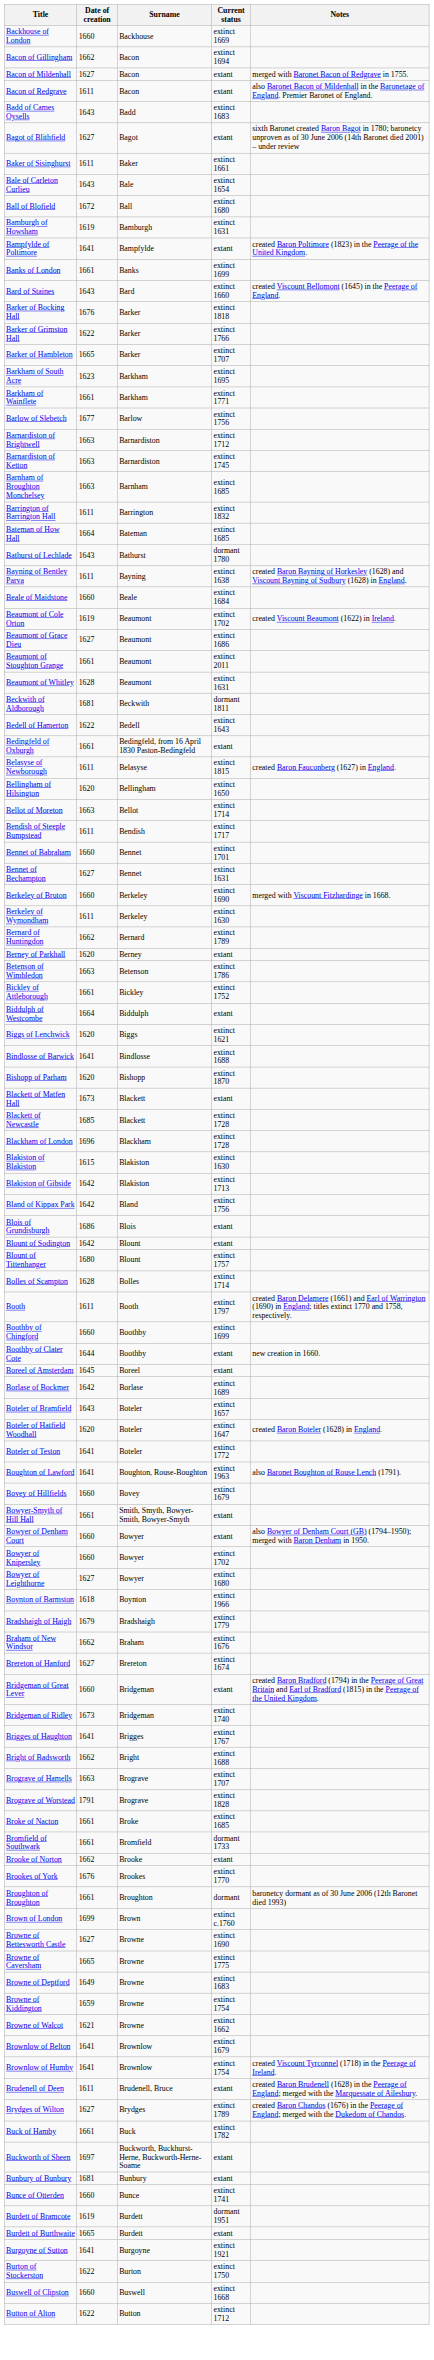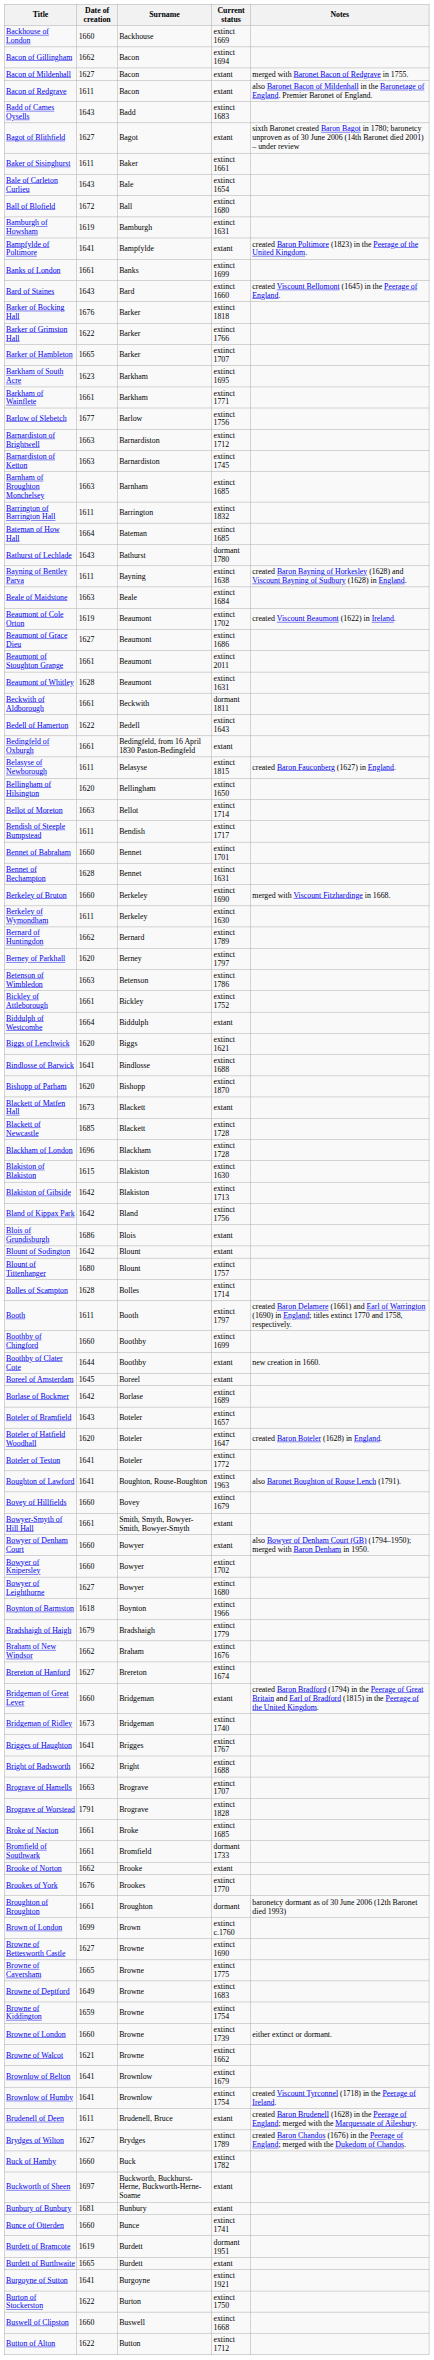 <table class="wikitable">
 <tr>
 <th>Title</th>
 <th>Date of creation</th>
 <th>Surname</th>
 <th>Current status</th>
 <th>Notes</th>
 </tr>
 <tr>
 <td><a href='#'>Backhouse of London</a></td>
 <td>1660</td>
 <td>Backhouse</td>
 <td>extinct 1669</td>
 <td> </td>
 </tr>
 <tr>
 <td><a href='#'>Bacon of Gillingham</a></td>
 <td>1662</td>
 <td>Bacon</td>
 <td>extinct 1694</td>
 <td> </td>
 </tr>
 <tr>
 <td><a href='#'>Bacon of Mildenhall</a></td>
 <td>1627</td>
 <td>Bacon</td>
 <td>extant</td>
 <td>merged with <a href='#'>Baronet Bacon of Redgrave</a> in 1755.</td>
 </tr>
 <tr>
 <td><a href='#'>Bacon of Redgrave</a></td>
 <td>1611</td>
 <td>Bacon</td>
 <td>extant</td>
 <td>also <a href='#'>Baronet Bacon of Mildenhall</a> in the <a href='#'>Baronetage of England</a>.  Premier Baronet of England.</td>
 </tr>
 <tr>
 <td><a href='#'>Badd of Cames Oysells</a></td>
 <td>1643</td>
 <td>Badd</td>
 <td>extinct 1683</td>
 <td> </td>
 </tr>
 <tr>
 <td><a href='#'>Bagot of Blithfield</a></td>
 <td>1627</td>
 <td>Bagot</td>
 <td>extant</td>
 <td>sixth Baronet created <a href='#'>Baron Bagot</a> in 1780; baronetcy unproven as of 30 June 2006 (14th Baronet died 2001) – under review</td>
 </tr>
 <tr>
 <td><a href='#'>Baker of Sisinghurst</a></td>
 <td>1611</td>
 <td>Baker</td>
 <td>extinct 1661</td>
 <td> </td>
 </tr>
 <tr>
 <td><a href='#'>Bale of Carleton Curlieu</a></td>
 <td>1643</td>
 <td>Bale</td>
 <td>extinct 1654</td>
 <td> </td>
 </tr>
 <tr>
 <td><a href='#'>Ball of Blofield</a></td>
 <td>1672</td>
 <td>Ball</td>
 <td>extinct 1680</td>
 <td> </td>
 </tr>
 <tr>
 <td><a href='#'>Bamburgh of Howsham</a></td>
 <td>1619</td>
 <td>Bamburgh</td>
 <td>extinct 1631</td>
 <td> </td>
 </tr>
 <tr>
 <td><a href='#'>Bampfylde of Poltimore</a></td>
 <td>1641</td>
 <td>Bampfylde</td>
 <td>extant</td>
 <td>created <a href='#'>Baron Poltimore</a> (1823) in the <a href='#'>Peerage of the United Kingdom</a>.</td>
 </tr>
 <tr>
 <td><a href='#'>Banks of London</a></td>
 <td>1661</td>
 <td>Banks</td>
 <td>extinct 1699</td>
 <td> </td>
 </tr>
 <tr>
 <td><a href='#'>Bard of Staines</a></td>
 <td>1643</td>
 <td>Bard</td>
 <td>extinct 1660</td>
 <td>created <a href='#'>Viscount Bellomont</a> (1645) in the <a href='#'>Peerage of England</a>.</td>
 </tr>
 <tr>
 <td><a href='#'>Barker of Bocking Hall</a></td>
 <td>1676</td>
 <td>Barker</td>
 <td>extinct 1818</td>
 <td> </td>
 </tr>
 <tr>
 <td><a href='#'>Barker of Grimston Hall</a></td>
 <td>1622</td>
 <td>Barker</td>
 <td>extinct 1766</td>
 <td> </td>
 </tr>
 <tr>
 <td><a href='#'>Barker of Hambleton</a></td>
 <td>1665</td>
 <td>Barker</td>
 <td>extinct 1707</td>
 <td> </td>
 </tr>
 <tr>
 <td><a href='#'>Barkham of South Acre</a></td>
 <td>1623</td>
 <td>Barkham</td>
 <td>extinct 1695</td>
 <td> </td>
 </tr>
 <tr>
 <td><a href='#'>Barkham of Wainflete</a></td>
 <td>1661</td>
 <td>Barkham</td>
 <td>extinct 1771</td>
 <td> </td>
 </tr>
 <tr>
 <td><a href='#'>Barlow of Slebetch</a></td>
 <td>1677</td>
 <td>Barlow</td>
 <td>extinct 1756</td>
 <td> </td>
 </tr>
 <tr>
 <td><a href='#'>Barnardiston of Brightwell</a></td>
 <td>1663</td>
 <td>Barnardiston</td>
 <td>extinct 1712</td>
 <td> </td>
 </tr>
 <tr>
 <td><a href='#'>Barnardiston of Ketton</a></td>
 <td>1663</td>
 <td>Barnardiston</td>
 <td>extinct 1745</td>
 <td> </td>
 </tr>
 <tr>
 <td><a href='#'>Barnham of Broughton Monchelsey</a></td>
 <td>1663</td>
 <td>Barnham</td>
 <td>extinct 1685</td>
 <td> </td>
 </tr>
 <tr>
 <td><a href='#'>Barrington of Barrington Hall</a></td>
 <td>1611</td>
 <td>Barrington</td>
 <td>extinct 1832</td>
 <td> </td>
 </tr>
 <tr>
 <td><a href='#'>Bateman of How Hall</a></td>
 <td>1664</td>
 <td>Bateman</td>
 <td>extinct 1685</td>
 <td> </td>
 </tr>
 <tr>
 <td><a href='#'>Bathurst of Lechlade</a></td>
 <td>1643</td>
 <td>Bathurst</td>
 <td>dormant 1780</td>
 <td> </td>
 </tr>
 <tr>
 <td><a href='#'>Bayning of Bentley Parva</a></td>
 <td>1611</td>
 <td>Bayning</td>
 <td>extinct 1638</td>
 <td>created <a href='#'>Baron Bayning of Horkesley</a> (1628) and <a href='#'>Viscount Bayning of Sudbury</a> (1628) in <a href='#'>England</a>.</td>
 </tr>
 <tr>
 <td><a href='#'>Beale of Maidstone</a></td>
-<td>1660</td>
+<td>1663</td>
 <td>Beale</td>
 <td>extinct 1684</td>
 <td> </td>
 </tr>
 <tr>
 <td><a href='#'>Beaumont of Cole Orton</a></td>
 <td>1619</td>
 <td>Beaumont</td>
 <td>extinct 1702</td>
 <td>created <a href='#'>Viscount Beaumont</a> (1622) in <a href='#'>Ireland</a>.</td>
 </tr>
 <tr>
 <td><a href='#'>Beaumont of Grace Dieu</a></td>
 <td>1627</td>
 <td>Beaumont</td>
 <td>extinct 1686</td>
 <td> </td>
 </tr>
 <tr>
 <td><a href='#'>Beaumont of Stoughton Grange</a></td>
 <td>1661</td>
 <td>Beaumont</td>
 <td>extinct 2011</td>
 <td> </td>
 </tr>
 <tr>
 <td><a href='#'>Beaumont of Whitley</a></td>
 <td>1628</td>
 <td>Beaumont</td>
 <td>extinct 1631</td>
 <td> </td>
 </tr>
 <tr>
 <td><a href='#'>Beckwith of Aldborough</a></td>
-<td>1681</td>
+<td>1661</td>
 <td>Beckwith</td>
 <td>dormant 1811</td>
 <td> </td>
 </tr>
 <tr>
 <td><a href='#'>Bedell of Hamerton</a></td>
 <td>1622</td>
 <td>Bedell</td>
 <td>extinct 1643</td>
 <td> </td>
 </tr>
 <tr>
 <td><a href='#'>Bedingfeld of Oxburgh</a></td>
 <td>1661</td>
 <td>Bedingfeld, from 16 April 1830 Paston-Bedingfeld</td>
 <td>extant</td>
 <td> </td>
 </tr>
 <tr>
 <td><a href='#'>Belasyse of Newborough</a></td>
 <td>1611</td>
 <td>Belasyse</td>
 <td>extinct 1815</td>
 <td>created <a href='#'>Baron Fauconberg</a> (1627) in <a href='#'>England</a>.</td>
 </tr>
 <tr>
 <td><a href='#'>Bellingham of Hilsington</a></td>
 <td>1620</td>
 <td>Bellingham</td>
 <td>extinct 1650</td>
 <td> </td>
 </tr>
 <tr>
 <td><a href='#'>Bellot of Moreton</a></td>
 <td>1663</td>
 <td>Bellot</td>
 <td>extinct 1714</td>
 <td> </td>
 </tr>
 <tr>
 <td><a href='#'>Bendish of Steeple Bumpstead</a></td>
 <td>1611</td>
 <td>Bendish</td>
 <td>extinct 1717</td>
 <td> </td>
 </tr>
 <tr>
 <td><a href='#'>Bennet of Babraham</a></td>
 <td>1660</td>
 <td>Bennet</td>
 <td>extinct 1701</td>
 <td> </td>
 </tr>
 <tr>
 <td><a href='#'>Bennet of Bechampton</a></td>
-<td>1627</td>
+<td>1628</td>
 <td>Bennet</td>
 <td>extinct 1631</td>
 <td> </td>
 </tr>
 <tr>
 <td><a href='#'>Berkeley of Bruton</a></td>
 <td>1660</td>
 <td>Berkeley</td>
 <td>extinct 1690</td>
 <td>merged with <a href='#'>Viscount Fitzhardinge</a> in 1668.</td>
 </tr>
 <tr>
 <td><a href='#'>Berkeley of Wymondham</a></td>
 <td>1611</td>
 <td>Berkeley</td>
 <td>extinct 1630</td>
 <td> </td>
 </tr>
 <tr>
 <td><a href='#'>Bernard of Huntingdon</a></td>
 <td>1662</td>
 <td>Bernard</td>
 <td>extinct 1789</td>
 <td> </td>
 </tr>
 <tr>
 <td><a href='#'>Berney of Parkhall</a></td>
 <td>1620</td>
 <td>Berney</td>
-<td>extant</td>
+<td>extinct 1797</td>
 <td> </td>
 </tr>
 <tr>
 <td><a href='#'>Betenson of Wimbledon</a></td>
 <td>1663</td>
 <td>Betenson</td>
 <td>extinct 1786</td>
 <td> </td>
 </tr>
 <tr>
 <td><a href='#'>Bickley of Attleborough</a></td>
 <td>1661</td>
 <td>Bickley</td>
 <td>extinct 1752</td>
 <td> </td>
 </tr>
 <tr>
 <td><a href='#'>Biddulph of Westcombe</a></td>
 <td>1664</td>
 <td>Biddulph</td>
 <td>extant</td>
 <td> </td>
 </tr>
 <tr>
 <td><a href='#'>Biggs of Lenchwick</a></td>
 <td>1620</td>
 <td>Biggs</td>
 <td>extinct 1621</td>
 <td> </td>
 </tr>
 <tr>
 <td><a href='#'>Bindlosse of Barwick</a></td>
 <td>1641</td>
 <td>Bindlosse</td>
 <td>extinct 1688</td>
 <td> </td>
 </tr>
 <tr>
 <td><a href='#'>Bishopp of Parham</a></td>
 <td>1620</td>
 <td>Bishopp</td>
 <td>extinct 1870</td>
 <td> </td>
 </tr>
 <tr>
 <td><a href='#'>Blackett of Matfen Hall</a></td>
 <td>1673</td>
 <td>Blackett</td>
 <td>extant</td>
 <td> </td>
 </tr>
 <tr>
 <td><a href='#'>Blackett of Newcastle</a></td>
 <td>1685</td>
 <td>Blackett</td>
 <td>extinct 1728</td>
 <td> </td>
 </tr>
 <tr>
 <td><a href='#'>Blackham of London</a></td>
 <td>1696</td>
 <td>Blackham</td>
 <td>extinct 1728</td>
 <td> </td>
 </tr>
 <tr>
 <td><a href='#'>Blakiston of Blakiston</a></td>
 <td>1615</td>
 <td>Blakiston</td>
 <td>extinct 1630</td>
 <td> </td>
 </tr>
 <tr>
 <td><a href='#'>Blakiston of Gibside</a></td>
 <td>1642</td>
 <td>Blakiston</td>
 <td>extinct 1713</td>
 <td> </td>
 </tr>
 <tr>
 <td><a href='#'>Bland of Kippax Park</a></td>
 <td>1642</td>
 <td>Bland</td>
 <td>extinct 1756</td>
 <td> </td>
 </tr>
 <tr>
 <td><a href='#'>Blois of Grundisburgh</a></td>
 <td>1686</td>
 <td>Blois</td>
 <td>extant</td>
 <td> </td>
 </tr>
 <tr>
 <td><a href='#'>Blount of Sodington</a></td>
 <td>1642</td>
 <td>Blount</td>
 <td>extant</td>
 <td> </td>
 </tr>
 <tr>
 <td><a href='#'>Blount of Tittenhanger</a></td>
 <td>1680</td>
 <td>Blount</td>
 <td>extinct 1757</td>
 <td> </td>
 </tr>
 <tr>
 <td><a href='#'>Bolles of Scampton</a></td>
 <td>1628</td>
 <td>Bolles</td>
 <td>extinct 1714</td>
 <td> </td>
 </tr>
 <tr>
 <td><a href='#'>Booth</a></td>
 <td>1611</td>
 <td>Booth</td>
 <td>extinct 1797</td>
 <td>created <a href='#'>Baron Delamere</a> (1661) and <a href='#'>Earl of Warrington</a> (1690) in <a href='#'>England</a>; titles extinct 1770 and 1758, respectively.</td>
 </tr>
 <tr>
 <td><a href='#'>Boothby of Chingford</a></td>
 <td>1660</td>
 <td>Boothby</td>
 <td>extinct 1699</td>
 <td> </td>
 </tr>
 <tr>
 <td><a href='#'>Boothby of Clater Cote</a></td>
 <td>1644</td>
 <td>Boothby</td>
 <td>extant</td>
 <td>new creation in 1660.</td>
 </tr>
 <tr>
 <td><a href='#'>Boreel of Amsterdam</a></td>
 <td>1645</td>
 <td>Boreel</td>
 <td>extant</td>
 <td> </td>
 </tr>
 <tr>
 <td><a href='#'>Borlase of Bockmer</a></td>
 <td>1642</td>
 <td>Borlase</td>
 <td>extinct 1689</td>
 <td> </td>
 </tr>
 <tr>
 <td><a href='#'>Boteler of Bramfield</a></td>
 <td>1643</td>
 <td>Boteler</td>
 <td>extinct 1657</td>
 <td> </td>
 </tr>
 <tr>
 <td><a href='#'>Boteler of Hatfield Woodhall</a></td>
 <td>1620</td>
 <td>Boteler</td>
 <td>extinct 1647</td>
 <td>created <a href='#'>Baron Boteler</a> (1628) in <a href='#'>England</a>.</td>
 </tr>
 <tr>
 <td><a href='#'>Boteler of Teston</a></td>
 <td>1641</td>
 <td>Boteler</td>
 <td>extinct 1772</td>
 <td> </td>
 </tr>
 <tr>
 <td><a href='#'>Boughton of Lawford</a></td>
 <td>1641</td>
 <td>Boughton, Rouse-Boughton</td>
 <td>extinct 1963</td>
 <td>also <a href='#'>Baronet Boughton of Rouse Lench</a> (1791).</td>
 </tr>
 <tr>
 <td><a href='#'>Bovey of Hillfields</a></td>
 <td>1660</td>
 <td>Bovey</td>
 <td>extinct 1679</td>
 <td> </td>
 </tr>
 <tr>
 <td><a href='#'>Bowyer-Smyth of Hill Hall</a></td>
 <td>1661</td>
 <td>Smith, Smyth, Bowyer-Smith, Bowyer-Smyth</td>
 <td>extant</td>
 <td> </td>
 </tr>
 <tr>
 <td><a href='#'>Bowyer of Denham Court</a></td>
 <td>1660</td>
 <td>Bowyer</td>
 <td>extant</td>
 <td>also <a href='#'>Bowyer of Denham Court (GB)</a> (1794–1950); merged with <a href='#'>Baron Denham</a> in 1950.</td>
 </tr>
 <tr>
 <td><a href='#'>Bowyer of Knipersley</a></td>
 <td>1660</td>
 <td>Bowyer</td>
 <td>extinct 1702</td>
 <td> </td>
 </tr>
 <tr>
 <td><a href='#'>Bowyer of Leighthorne</a></td>
 <td>1627</td>
 <td>Bowyer</td>
 <td>extinct 1680</td>
 <td> </td>
 </tr>
 <tr>
 <td><a href='#'>Boynton of Barmston</a></td>
 <td>1618</td>
 <td>Boynton</td>
 <td>extinct 1966</td>
 <td> </td>
 </tr>
 <tr>
 <td><a href='#'>Bradshaigh of Haigh</a></td>
 <td>1679</td>
 <td>Bradshaigh</td>
 <td>extinct 1779</td>
 <td> </td>
 </tr>
 <tr>
 <td><a href='#'>Braham of New Windsor</a></td>
 <td>1662</td>
 <td>Braham</td>
 <td>extinct 1676</td>
 <td> </td>
 </tr>
 <tr>
 <td><a href='#'>Brereton of Hanford</a></td>
 <td>1627</td>
 <td>Brereton</td>
 <td>extinct 1674</td>
 <td> </td>
 </tr>
 <tr>
 <td><a href='#'>Bridgeman of Great Lever</a></td>
 <td>1660</td>
 <td>Bridgeman</td>
 <td>extant</td>
 <td>created <a href='#'>Baron Bradford</a> (1794) in the <a href='#'>Peerage of Great Britain</a> and <a href='#'>Earl of Bradford</a> (1815) in the <a href='#'>Peerage of the United Kingdom</a>.</td>
 </tr>
 <tr>
 <td><a href='#'>Bridgeman of Ridley</a></td>
 <td>1673</td>
 <td>Bridgeman</td>
 <td>extinct 1740</td>
 <td> </td>
 </tr>
 <tr>
 <td><a href='#'>Brigges of Haughton</a></td>
 <td>1641</td>
 <td>Brigges</td>
 <td>extinct 1767</td>
 <td> </td>
 </tr>
 <tr>
 <td><a href='#'>Bright of Badsworth</a></td>
 <td>1662</td>
 <td>Bright</td>
 <td>extinct 1688</td>
 <td> </td>
 </tr>
 <tr>
 <td><a href='#'>Brograve of Hamells</a></td>
 <td>1663</td>
 <td>Brograve</td>
 <td>extinct 1707</td>
 <td> </td>
 </tr>
 <tr>
 <td><a href='#'>Brograve of Worstead</a></td>
 <td>1791</td>
 <td>Brograve</td>
 <td>extinct 1828</td>
 <td> </td>
 </tr>
 <tr>
 <td><a href='#'>Broke of Nacton</a></td>
 <td>1661</td>
 <td>Broke</td>
 <td>extinct 1685</td>
 <td> </td>
 </tr>
 <tr>
 <td><a href='#'>Bromfield of Southwark</a></td>
 <td>1661</td>
 <td>Bromfield</td>
 <td>dormant 1733</td>
 <td> </td>
 </tr>
 <tr>
 <td><a href='#'>Brooke of Norton</a></td>
 <td>1662</td>
 <td>Brooke</td>
 <td>extant</td>
 <td> </td>
 </tr>
 <tr>
 <td><a href='#'>Brookes of York</a></td>
 <td>1676</td>
 <td>Brookes</td>
 <td>extinct 1770</td>
 <td> </td>
 </tr>
 <tr>
 <td><a href='#'>Broughton of Broughton</a></td>
 <td>1661</td>
 <td>Broughton</td>
 <td>dormant</td>
 <td>baronetcy dormant as of 30 June 2006 (12th Baronet died 1993)</td>
 </tr>
 <tr>
 <td><a href='#'>Brown of London</a></td>
 <td>1699</td>
 <td>Brown</td>
 <td>extinct c.1760</td>
 <td> </td>
 </tr>
 <tr>
 <td><a href='#'>Browne of Bettesworth Castle</a></td>
 <td>1627</td>
 <td>Browne</td>
 <td>extinct 1690</td>
 <td> </td>
 </tr>
 <tr>
 <td><a href='#'>Browne of Caversham</a></td>
 <td>1665</td>
 <td>Browne</td>
 <td>extinct 1775</td>
 <td> </td>
 </tr>
 <tr>
 <td><a href='#'>Browne of Deptford</a></td>
 <td>1649</td>
 <td>Browne</td>
 <td>extinct 1683</td>
 <td> </td>
 </tr>
 <tr>
 <td><a href='#'>Browne of Kiddington</a></td>
 <td>1659</td>
 <td>Browne</td>
 <td>extinct 1754</td>
 <td> </td>
 </tr>
 <tr>
+<td><a href='#'>Browne of London</a></td>
+<td>1660</td>
+<td>Browne</td>
+<td>extinct 1739</td>
+<td>either extinct or dormant.</td>
+</tr>
+<tr>
 <td><a href='#'>Browne of Walcot</a></td>
 <td>1621</td>
 <td>Browne</td>
 <td>extinct 1662</td>
 <td> </td>
 </tr>
 <tr>
 <td><a href='#'>Brownlow of Belton</a></td>
 <td>1641</td>
 <td>Brownlow</td>
 <td>extinct 1679</td>
 <td> </td>
 </tr>
 <tr>
 <td><a href='#'>Brownlow of Humby</a></td>
 <td>1641</td>
 <td>Brownlow</td>
 <td>extinct 1754</td>
 <td>created <a href='#'>Viscount Tyrconnel</a> (1718) in the <a href='#'>Peerage of Ireland</a>.</td>
 </tr>
 <tr>
 <td><a href='#'>Brudenell of Deen</a></td>
 <td>1611</td>
 <td>Brudenell, Bruce</td>
 <td>extant</td>
 <td>created <a href='#'>Baron Brudenell</a> (1628) in the <a href='#'>Peerage of England</a>; merged with the <a href='#'>Marquessate of Ailesbury</a>.</td>
 </tr>
 <tr>
 <td><a href='#'>Brydges of Wilton</a></td>
 <td>1627</td>
 <td>Brydges</td>
 <td>extinct 1789</td>
 <td>created <a href='#'>Baron Chandos</a> (1676) in the <a href='#'>Peerage of England</a>; merged with the <a href='#'>Dukedom of Chandos</a>.</td>
 </tr>
 <tr>
 <td><a href='#'>Buck of Hamby</a></td>
-<td>1661</td>
+<td>1660</td>
 <td>Buck</td>
 <td>extinct 1782</td>
 <td> </td>
 </tr>
 <tr>
 <td><a href='#'>Buckworth of Sheen</a></td>
 <td>1697</td>
 <td>Buckworth, Buckhurst-Herne, Buckworth-Herne-Soame</td>
 <td>extant</td>
 <td> </td>
 </tr>
 <tr>
 <td><a href='#'>Bunbury of Bunbury</a></td>
 <td>1681</td>
 <td>Bunbury</td>
 <td>extant</td>
 <td> </td>
 </tr>
 <tr>
 <td><a href='#'>Bunce of Otterden</a></td>
 <td>1660</td>
 <td>Bunce</td>
 <td>extinct 1741</td>
 <td> </td>
 </tr>
 <tr>
 <td><a href='#'>Burdett of Bramcote</a></td>
 <td>1619</td>
 <td>Burdett</td>
 <td>dormant 1951</td>
 <td> </td>
 </tr>
 <tr>
 <td><a href='#'>Burdett of Burthwaite</a></td>
 <td>1665</td>
 <td>Burdett</td>
 <td>extant</td>
 <td> </td>
 </tr>
 <tr>
 <td><a href='#'>Burgoyne of Sutton</a></td>
 <td>1641</td>
 <td>Burgoyne</td>
 <td>extinct 1921</td>
 <td> </td>
 </tr>
 <tr>
 <td><a href='#'>Burton of Stockerston</a></td>
 <td>1622</td>
 <td>Burton</td>
 <td>extinct 1750</td>
 <td> </td>
 </tr>
 <tr>
 <td><a href='#'>Buswell of Clipston</a></td>
 <td>1660</td>
 <td>Buswell</td>
 <td>extinct 1668</td>
 <td> </td>
 </tr>
 <tr>
 <td><a href='#'>Button of Alton</a></td>
 <td>1622</td>
 <td>Button</td>
 <td>extinct 1712</td>
 <td> </td>
 </tr>
 </table>
